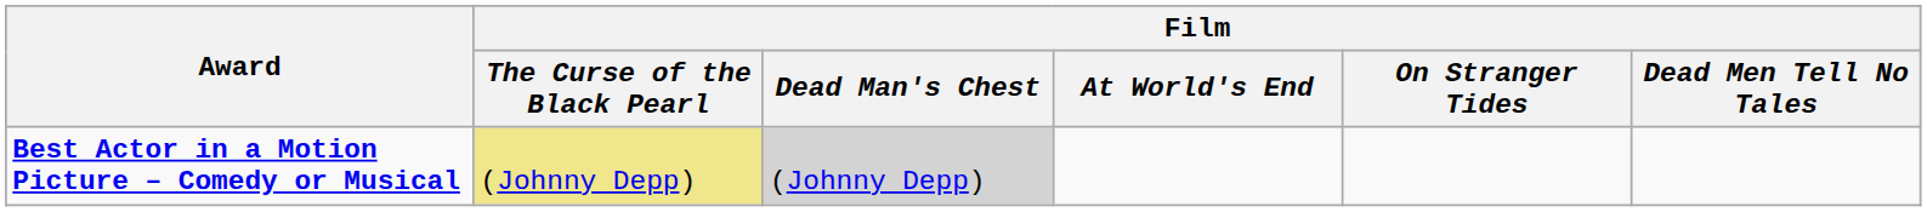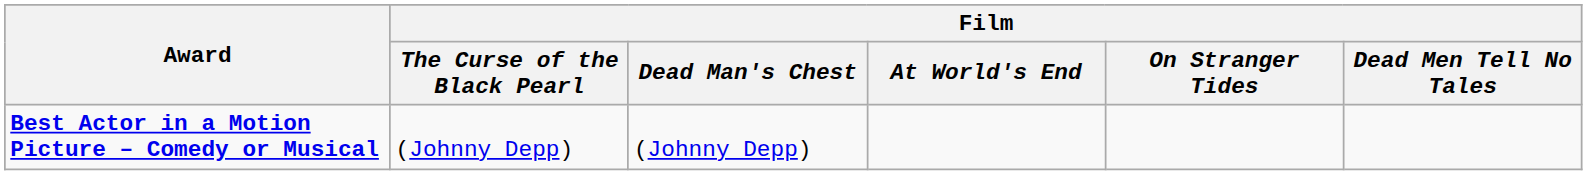 <table class="wikitable" style="margin:left;">
 <tr>
 <th style="width:214px;" rowspan="2">Award</th>
 <th colspan="5">Film</th>
 </tr>
 <tr>
 <th style="width:130px;"><em>The Curse of the Black Pearl</em></th>
 <th style="width:130px;"><em>Dead Man's Chest</em></th>
 <th style="width:130px;"><em>At World's End</em></th>
 <th style="width:130px;"><em>On Stranger Tides</em></th>
 <th style="width:130px;"><em>Dead Men Tell No Tales</em></th>
 </tr>
 <tr>
 <td><strong><a href='#'>Best Actor in a Motion Picture – Comedy or Musical</a></strong></td>
-<td style="background: khaki;"><br>(<a href='#'>Johnny Depp</a>)</td>
-<td style="background: lightgrey;"><br>(<a href='#'>Johnny Depp</a>)</td>
+<td><br>(<a href='#'>Johnny Depp</a>)</td>
+<td><br>(<a href='#'>Johnny Depp</a>)</td>
 <td></td>
 <td></td>
 <td></td>
 </tr>
 </table>
